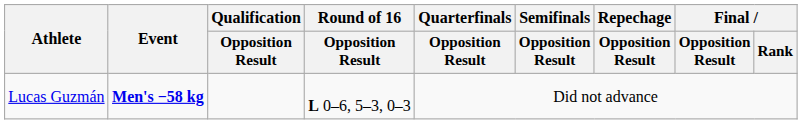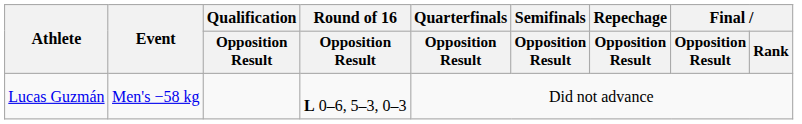 <table class=wikitable style=font-size:90%;text-align:center>
 <tr>
 <th rowspan=2>Athlete</th>
 <th rowspan=2>Event</th>
 <th>Qualification</th>
 <th>Round of 16</th>
 <th>Quarterfinals</th>
 <th>Semifinals</th>
 <th>Repechage</th>
 <th colspan=2>Final / </th>
 </tr>
 <tr style=font-size:95%>
 <th>Opposition<br>Result</th>
 <th>Opposition<br>Result</th>
 <th>Opposition<br>Result</th>
 <th>Opposition<br>Result</th>
 <th>Opposition<br>Result</th>
 <th>Opposition<br>Result</th>
 <th>Rank</th>
 </tr>
 <tr>
 <td align=left><a href='#'>Lucas Guzmán</a></td>
-<td align=left><strong><a href='#'>Men's −58 kg</a></strong></td>
+<td align=left><a href='#'>Men's −58 kg</a></td>
 <td></td>
 <td> <br><strong>L</strong> 0–6, 5–3, 0–3</td>
 <td Colspan=5>Did not advance</td>
 </tr>
 </table>
